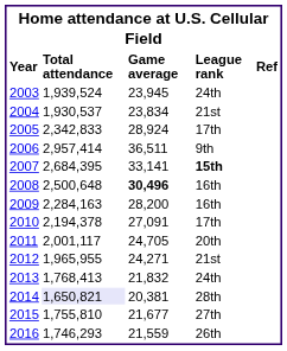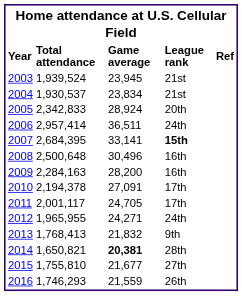 <table cellpadding="1" style="width:300px; font-size:90%; border:2px solid #33006F;">
 <tr style="text-align:center; font-size:larger;">
 <td colspan=5><strong>Home attendance at U.S. Cellular Field</strong></td>
 </tr>
 <tr style=>
 <td><strong>Year</strong></td>
 <td><strong>Total attendance</strong></td>
 <td><strong>Game average</strong></td>
 <td><strong>League rank</strong></td>
 <td><strong>Ref</strong></td>
 </tr>
 <tr>
 <td><a href='#'>2003</a></td>
 <td>1,939,524</td>
 <td>23,945</td>
-<td>24th</td>
+<td>21st</td>
 <td></td>
 </tr>
 <tr>
 <td><a href='#'>2004</a></td>
 <td>1,930,537</td>
 <td>23,834</td>
 <td>21st</td>
 <td></td>
 </tr>
 <tr>
 <td><a href='#'>2005</a></td>
 <td>2,342,833</td>
 <td>28,924</td>
-<td>17th</td>
+<td>20th</td>
 <td></td>
 </tr>
 <tr>
 <td><a href='#'>2006</a></td>
 <td>2,957,414</td>
 <td>36,511</td>
-<td>9th</td>
+<td>24th</td>
 <td></td>
 </tr>
 <tr>
 <td><a href='#'>2007</a></td>
 <td>2,684,395</td>
 <td>33,141</td>
 <td><strong>15th</strong></td>
 <td></td>
 </tr>
 <tr>
 <td><a href='#'>2008</a></td>
 <td>2,500,648</td>
-<td><strong>30,496</strong></td>
+<td>30,496</td>
 <td>16th</td>
 <td></td>
 </tr>
 <tr>
 <td><a href='#'>2009</a></td>
 <td>2,284,163</td>
 <td>28,200</td>
 <td>16th</td>
 <td></td>
 </tr>
 <tr>
 <td><a href='#'>2010</a></td>
 <td>2,194,378</td>
 <td>27,091</td>
 <td>17th</td>
 <td></td>
 </tr>
 <tr>
 <td><a href='#'>2011</a></td>
 <td>2,001,117</td>
 <td>24,705</td>
-<td>20th</td>
+<td>17th</td>
 <td></td>
 </tr>
 <tr>
 <td><a href='#'>2012</a></td>
 <td>1,965,955</td>
 <td>24,271</td>
-<td>21st</td>
+<td>24th</td>
 <td></td>
 </tr>
 <tr>
 <td><a href='#'>2013</a></td>
 <td>1,768,413</td>
 <td>21,832</td>
-<td>24th</td>
+<td>9th</td>
 <td></td>
 </tr>
 <tr>
 <td><a href='#'>2014</a></td>
-<td style="background: lavender;">1,650,821</td>
-<td>20,381</td>
+<td>1,650,821</td>
+<td><strong>20,381</strong></td>
 <td>28th</td>
 <td></td>
 </tr>
 <tr>
 <td><a href='#'>2015</a></td>
 <td>1,755,810</td>
 <td>21,677</td>
 <td>27th</td>
 <td></td>
 </tr>
 <tr>
 <td><a href='#'>2016</a></td>
 <td>1,746,293</td>
 <td>21,559</td>
 <td>26th</td>
 <td></td>
 </tr>
 </table>
